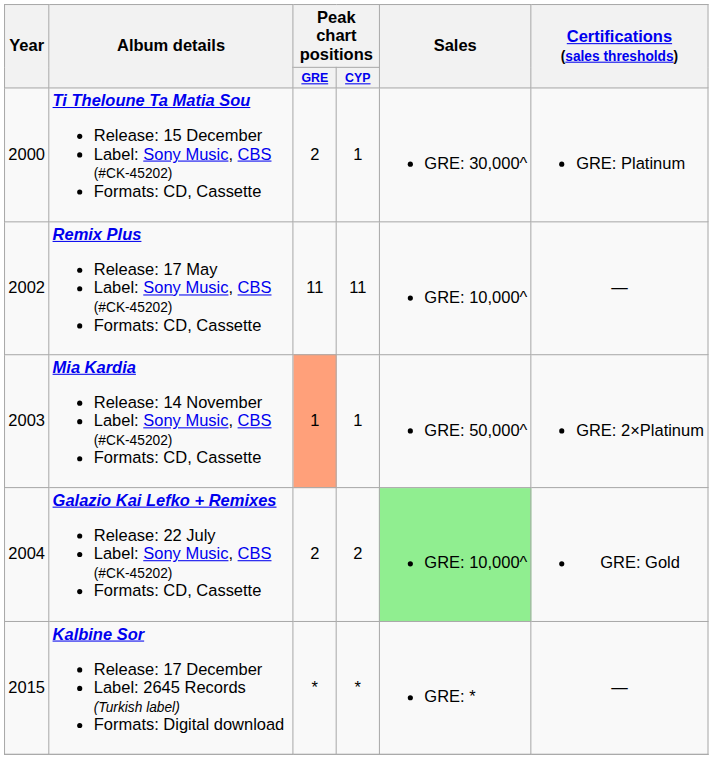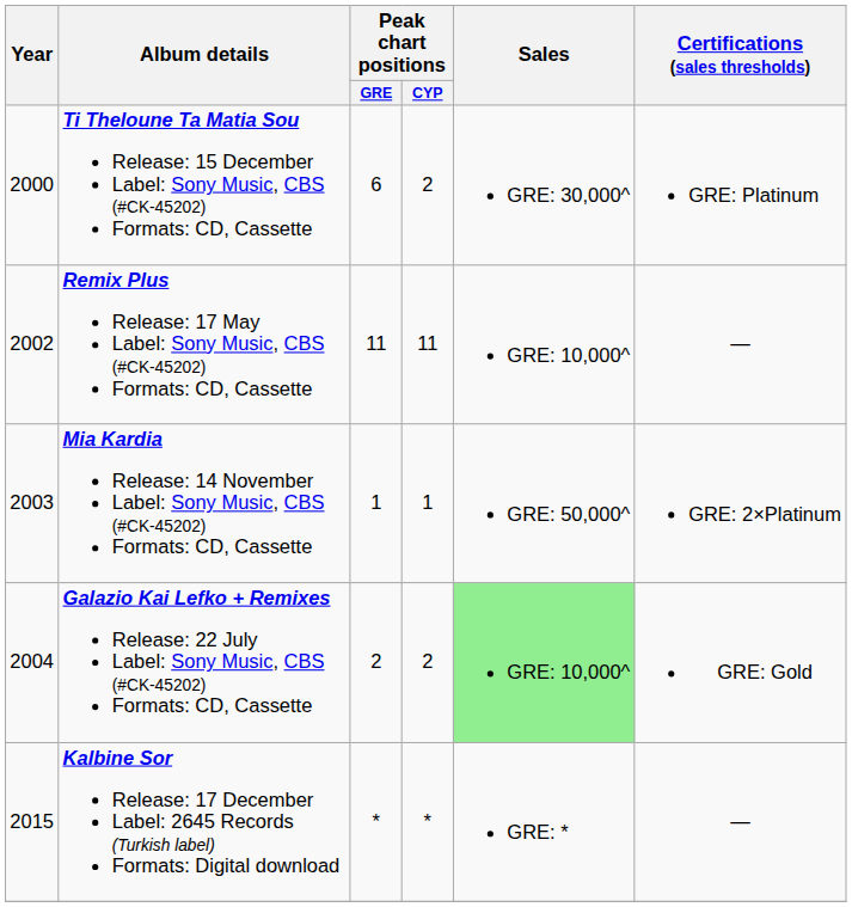 <table class="wikitable" style="text-align:center;">
 <tr>
 <th rowspan="2">Year</th>
 <th rowspan="2" style="width:230px;">Album details</th>
 <th colspan="2">Peak chart positions</th>
 <th rowspan="2">Sales</th>
 <th rowspan="2"><a href='#'>Certifications</a><br><small>(<a href='#'>sales thresholds</a>)</small></th>
 </tr>
 <tr>
 <th style="width:3em;font-size:75%"><a href='#'>GRE</a></th>
 <th style="width:3em;font-size:75%"><a href='#'>CYP</a></th>
 </tr>
 <tr>
 <td>2000</td>
 <td align="left"><strong><em><a href='#'>Ti Theloune Ta Matia Sou</a></em></strong><br><ul><li>Release: 15 December</li><li>Label: <a href='#'>Sony Music</a>, <a href='#'>CBS</a> <small>(#CK-45202)</small></li><li>Formats: CD, Cassette</li></ul></td>
+<td>6</td>
 <td>2</td>
-<td>1</td>
 <td align="left"><br><ul><li>GRE: 30,000^</li></ul></td>
 <td align="left"><br><ul><li>GRE: Platinum</li></ul></td>
 </tr>
 <tr>
 <td>2002</td>
 <td align="left"><strong><em><a href='#'>Remix Plus</a></em></strong><br><ul><li>Release: 17 May</li><li>Label: <a href='#'>Sony Music</a>, <a href='#'>CBS</a> <small>(#CK-45202)</small></li><li>Formats: CD, Cassette</li></ul></td>
 <td>11</td>
 <td>11</td>
 <td align="left"><br><ul><li>GRE: 10,000^</li></ul></td>
 <td align="Centre">—</td>
 </tr>
 <tr>
 <td>2003</td>
 <td align="left"><strong><em><a href='#'>Mia Kardia</a></em></strong><br><ul><li>Release: 14 November</li><li>Label: <a href='#'>Sony Music</a>, <a href='#'>CBS</a> <small>(#CK-45202)</small></li><li>Formats: CD, Cassette</li></ul></td>
-<td style="background: lightsalmon;">1</td>
+<td>1</td>
 <td>1</td>
 <td align="left"><br><ul><li>GRE: 50,000^</li></ul></td>
 <td align="left"><br><ul><li>GRE: 2×Platinum</li></ul></td>
 </tr>
 <tr>
 <td>2004</td>
 <td align="left"><strong><em><a href='#'>Galazio Kai Lefko + Remixes</a></em></strong><br><ul><li>Release: 22 July</li><li>Label: <a href='#'>Sony Music</a>, <a href='#'>CBS</a> <small>(#CK-45202)</small></li><li>Formats: CD, Cassette</li></ul></td>
 <td>2</td>
 <td>2</td>
 <td align="left" style="background: lightgreen;"><br><ul><li>GRE: 10,000^</li></ul></td>
 <td align="centre"><br><ul><li>GRE: Gold</li></ul></td>
 </tr>
 <tr>
 <td>2015</td>
 <td align="left"><strong><em><a href='#'>Kalbine Sor</a></em></strong><br><ul><li>Release: 17 December</li><li>Label: 2645 Records <em><small>(Turkish label)</small></em></li><li>Formats: Digital download</li></ul></td>
 <td>*</td>
 <td>*</td>
 <td align="left"><br><ul><li>GRE: *</li></ul></td>
 <td align="centre">—</td>
 </tr>
 <tr>
 </tr>
 </table>
